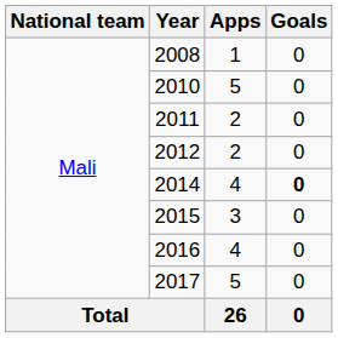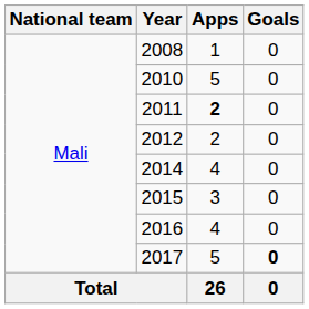 <table class="wikitable" style="text-align:center">
 <tr>
 <th>National team</th>
 <th>Year</th>
 <th>Apps</th>
 <th>Goals</th>
 </tr>
 <tr>
 <td rowspan="8"><a href='#'>Mali</a></td>
 <td>2008</td>
 <td>1</td>
 <td>0</td>
 </tr>
 <tr>
 <td>2010</td>
 <td>5</td>
 <td>0</td>
 </tr>
 <tr>
 <td>2011</td>
-<td>2</td>
+<td><strong>2</strong></td>
 <td>0</td>
 </tr>
 <tr>
 <td>2012</td>
 <td>2</td>
 <td>0</td>
 </tr>
 <tr>
 <td>2014</td>
 <td>4</td>
-<td><strong>0</strong></td>
+<td>0</td>
 </tr>
 <tr>
 <td>2015</td>
 <td>3</td>
 <td>0</td>
 </tr>
 <tr>
 <td>2016</td>
 <td>4</td>
 <td>0</td>
 </tr>
 <tr>
 <td>2017</td>
 <td>5</td>
-<td>0</td>
+<td><strong>0</strong></td>
 </tr>
 <tr>
 <th colspan="2">Total</th>
 <th>26</th>
 <th>0</th>
 </tr>
 </table>
